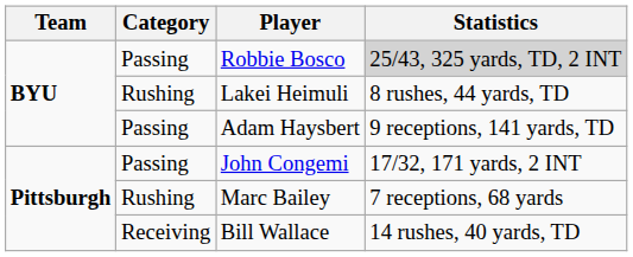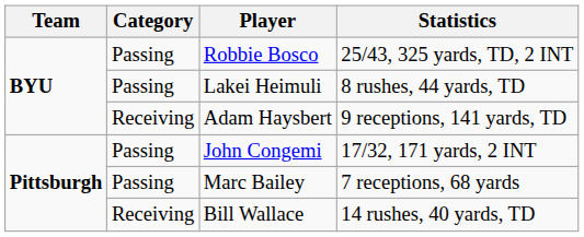 <table class="wikitable" style="float: left;">
 <tr>
 <th>Team</th>
 <th>Category</th>
 <th>Player</th>
 <th>Statistics</th>
 </tr>
 <tr>
 <td rowspan=3><strong>BYU</strong></td>
 <td>Passing</td>
 <td><a href='#'>Robbie Bosco</a></td>
-<td style="background: lightgrey;">25/43, 325 yards, TD, 2 INT</td>
+<td>25/43, 325 yards, TD, 2 INT</td>
 </tr>
 <tr>
-<td>Rushing</td>
+<td>Passing</td>
 <td>Lakei Heimuli</td>
 <td>8 rushes, 44 yards, TD</td>
 </tr>
 <tr>
-<td>Passing</td>
+<td>Receiving</td>
 <td>Adam Haysbert</td>
 <td>9 receptions, 141 yards, TD</td>
 </tr>
 <tr>
 <td rowspan=3><strong>Pittsburgh</strong></td>
 <td>Passing</td>
 <td><a href='#'>John Congemi</a></td>
 <td>17/32, 171 yards, 2 INT</td>
 </tr>
 <tr>
-<td>Rushing</td>
+<td>Passing</td>
 <td>Marc Bailey</td>
 <td>7 receptions, 68 yards</td>
 </tr>
 <tr>
 <td>Receiving</td>
 <td>Bill Wallace</td>
 <td>14 rushes, 40 yards, TD</td>
 </tr>
 </table>
